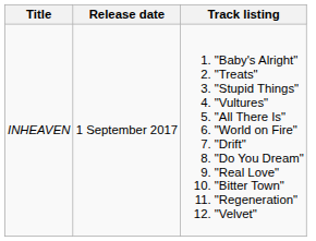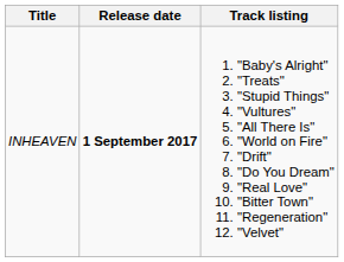 <table class="wikitable">
 <tr>
 <th style="font-weight: bold;">Title</th>
 <th style="font-weight: bold;">Release date</th>
 <th style="font-weight: bold;">Track listing</th>
 </tr>
 <tr>
 <td><em>INHEAVEN</em></td>
-<td>1 September 2017</td>
+<td><strong>1 September 2017</strong></td>
 <td><br><ol><li>"Baby's Alright"</li><li>"Treats"</li><li>"Stupid Things"</li><li>"Vultures"</li><li>"All There Is"</li><li>"World on Fire"</li><li>"Drift"</li><li>"Do You Dream"</li><li>"Real Love"</li><li>"Bitter Town"</li><li>"Regeneration"</li><li>"Velvet"</li></ol></td>
 </tr>
 </table>
